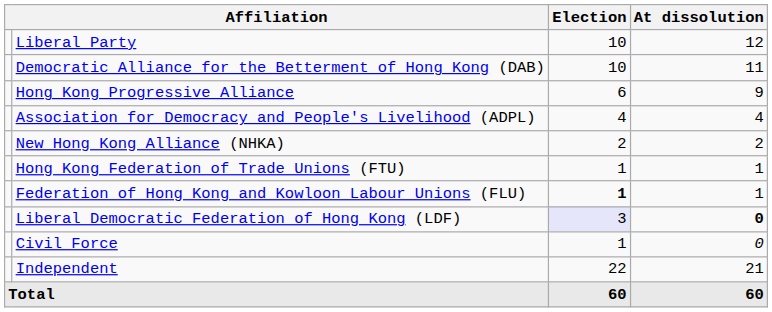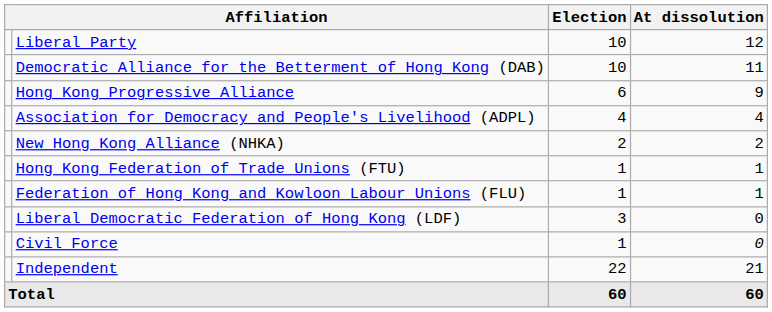 <table class="wikitable">
 <tr>
 <th colspan=2>Affiliation</th>
 <th>Election</th>
 <th>At dissolution</th>
 </tr>
 <tr>
 <td></td>
 <td><a href='#'>Liberal Party</a></td>
 <td align="right">10</td>
 <td align="right">12</td>
 </tr>
 <tr>
 <td></td>
 <td><a href='#'>Democratic Alliance for the Betterment of Hong Kong</a> (DAB)</td>
 <td align="right">10</td>
 <td align="right">11</td>
 </tr>
 <tr>
 <td></td>
 <td><a href='#'>Hong Kong Progressive Alliance</a></td>
 <td align="right">6</td>
 <td align="right">9</td>
 </tr>
 <tr>
 <td></td>
 <td><a href='#'>Association for Democracy and People's Livelihood</a> (ADPL)</td>
 <td align="right">4</td>
 <td align="right">4</td>
 </tr>
 <tr>
 <td></td>
 <td><a href='#'>New Hong Kong Alliance</a> (NHKA)</td>
 <td align="right">2</td>
 <td align="right">2</td>
 </tr>
 <tr>
 <td></td>
 <td><a href='#'>Hong Kong Federation of Trade Unions</a> (FTU)</td>
 <td align="right">1</td>
 <td align="right">1</td>
 </tr>
 <tr>
 <td></td>
 <td><a href='#'>Federation of Hong Kong and Kowloon Labour Unions</a> (FLU)</td>
-<td align="right"><strong>1</strong></td>
+<td align="right">1</td>
 <td align="right">1</td>
 </tr>
 <tr>
 <td></td>
 <td><a href='#'>Liberal Democratic Federation of Hong Kong</a> (LDF)</td>
-<td align="right" style="background: lavender;">3</td>
-<td align="right"><strong>0</strong></td>
+<td align="right">3</td>
+<td align="right">0</td>
 </tr>
 <tr>
 <td></td>
 <td><a href='#'>Civil Force</a></td>
 <td align="right">1</td>
 <td align="right"><em>0</em></td>
 </tr>
 <tr>
 <td></td>
 <td><a href='#'>Independent</a></td>
 <td align="right">22</td>
 <td align="right">21</td>
 </tr>
 <tr>
 <td style="background-color:#E9E9E9" colspan=2><strong>Total</strong></td>
 <td align="right" style="background-color:#E9E9E9"><strong>60</strong></td>
 <td align="right" style="background-color:#E9E9E9"><strong>60</strong></td>
 </tr>
 </table>
